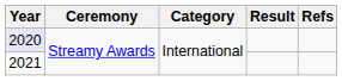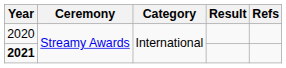 <table class="wikitable">
 <tr>
 <th>Year</th>
 <th>Ceremony</th>
 <th>Category</th>
 <th>Result</th>
 <th>Refs</th>
 </tr>
 <tr>
-<td style="background: lavender;">2020</td>
+<td>2020</td>
 <td rowspan=2><a href='#'>Streamy Awards</a></td>
 <td rowspan=2>International</td>
 <td></td>
 <td></td>
 </tr>
 <tr>
-<td>2021</td>
+<td><strong>2021</strong></td>
 <td></td>
 <td></td>
 </tr>
 </table>
